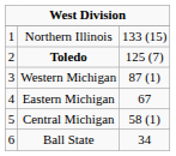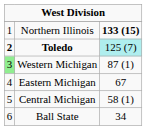 <table class="wikitable">
 <tr align="center">
 <td align="center" Colspan="3"><strong>West Division</strong></td>
 </tr>
 <tr align="center">
 </tr>
 <tr align="center">
 <td>1</td>
 <td>Northern Illinois</td>
-<td>133 (15)</td>
+<td><strong>133 (15)</strong></td>
 </tr>
 <tr align="center">
-<td>2</td>
+<td><strong>2</strong></td>
 <td><strong>Toledo</strong></td>
-<td>125 (7)</td>
+<td style="background: paleturquoise;">125 (7)</td>
 </tr>
 <tr align="center">
-<td>3</td>
+<td style="background: lightgreen;">3</td>
 <td>Western Michigan</td>
 <td>87 (1)</td>
 </tr>
 <tr align="center">
 <td>4</td>
 <td>Eastern Michigan</td>
 <td>67</td>
 </tr>
 <tr align="center">
 <td>5</td>
 <td>Central Michigan</td>
 <td>58 (1)</td>
 </tr>
 <tr align="center">
 <td>6</td>
 <td>Ball State</td>
 <td>34</td>
 </tr>
 </table>
